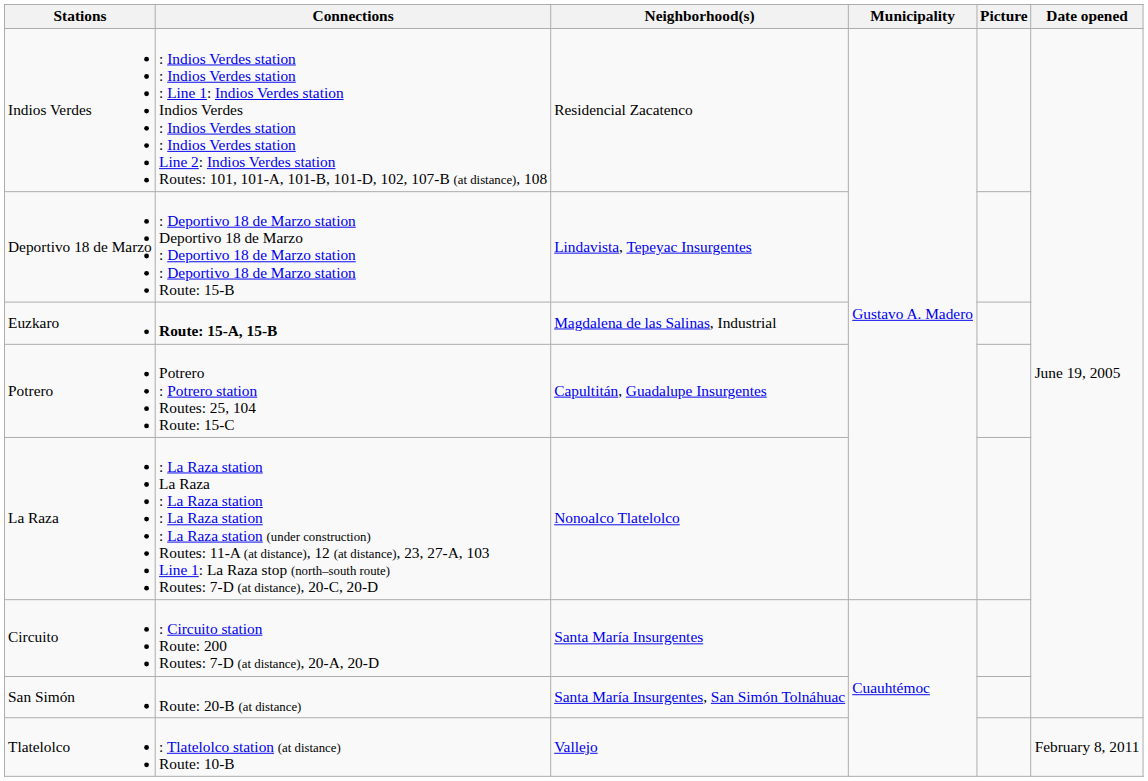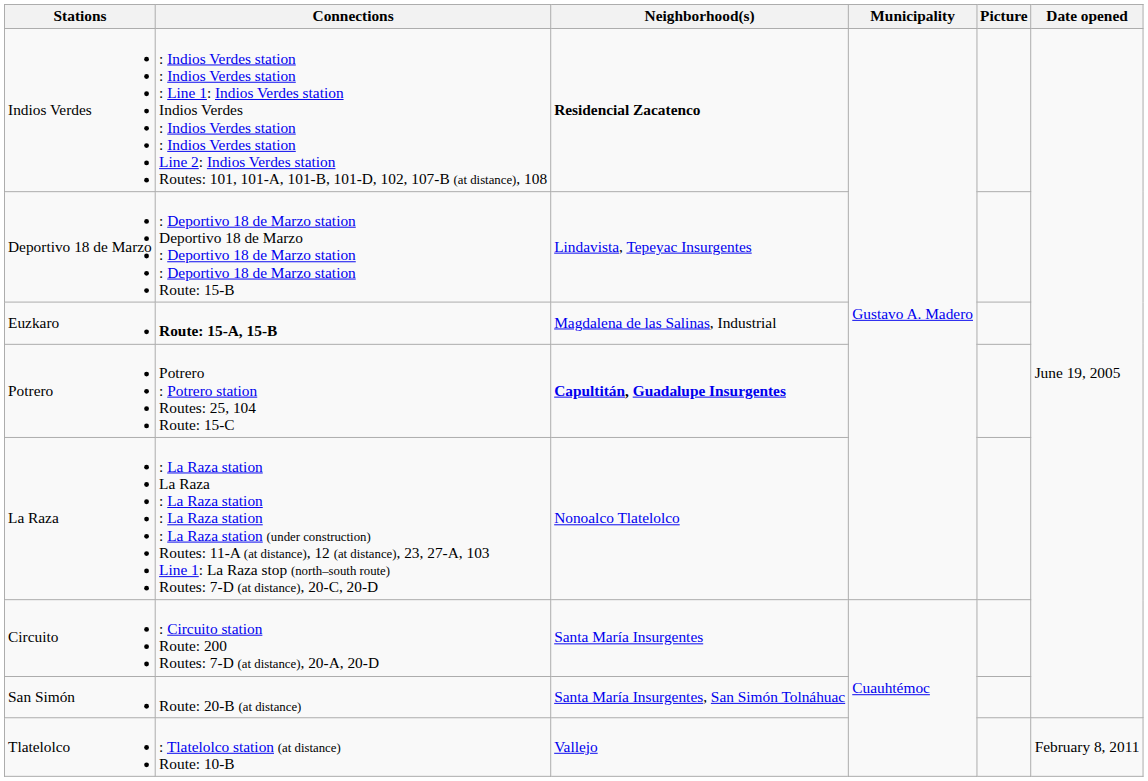 <table class="wikitable">
 <tr>
 <th width="150px">Stations</th>
 <th>Connections</th>
 <th>Neighborhood(s)</th>
 <th>Municipality</th>
 <th>Picture</th>
 <th>Date opened</th>
 </tr>
 <tr>
 <td> Indios Verdes</td>
 <td><br><li> : <a href='#'>Indios Verdes station</a></li> <li> : <a href='#'>Indios Verdes station</a></li> <li> : <a href='#'>Line 1</a>: <a href='#'>Indios Verdes station</a></li> <li> Indios Verdes</li> <li> : <a href='#'>Indios Verdes station</a></li> <li> : <a href='#'>Indios Verdes station</a></li> <li>  <a href='#'>Line 2</a>: <a href='#'>Indios Verdes station</a></li> <li> Routes: 101, 101-A, 101-B, 101-D, 102, 107-B <small>(at distance)</small>, 108</td>
-<td>Residencial Zacatenco</td>
+<td><strong>Residencial Zacatenco</strong></td>
 <td rowspan=5><a href='#'>Gustavo A. Madero</a></td>
 <td></td>
 <td rowspan=7>June 19, 2005</td>
 </tr>
 <tr>
 <td>Deportivo 18 de Marzo</td>
 <td><br><li> : <a href='#'>Deportivo 18 de Marzo station</a></li> <li> Deportivo 18 de Marzo</li> <li> : <a href='#'>Deportivo 18 de Marzo station</a></li> <li> : <a href='#'>Deportivo 18 de Marzo station</a></li> <li> Route: 15-B</td>
 <td><a href='#'>Lindavista</a>, <a href='#'>Tepeyac Insurgentes</a></td>
 <td></td>
 </tr>
 <tr>
 <td>Euzkaro</td>
 <td><strong><br><li> Route: 15-A, 15-B</strong></td>
 <td><a href='#'>Magdalena de las Salinas</a>, Industrial</td>
 <td></td>
 </tr>
 <tr>
 <td>Potrero</td>
 <td><br><li> Potrero</li> <li> : <a href='#'>Potrero station</a></li> <li> Routes: 25, 104</li> <li> Route: 15-C</td>
-<td><a href='#'>Capultitán</a>, <a href='#'>Guadalupe Insurgentes</a></td>
+<td><strong><a href='#'>Capultitán</a>, <a href='#'>Guadalupe Insurgentes</a></strong></td>
 <td></td>
 </tr>
 <tr>
 <td>La Raza</td>
 <td><br><li> : <a href='#'>La Raza station</a></li> <li> La Raza</li> <li> : <a href='#'>La Raza station</a></li> <li> : <a href='#'>La Raza station</a></li> <li> : <a href='#'>La Raza station</a> <small>(under construction)</small></li> <li> Routes: 11-A <small>(at distance)</small>, 12 <small>(at distance)</small>, 23, 27-A, 103</li> <li> <a href='#'>Line 1</a>: La Raza stop <small>(north–south route)</small></li> <li> Routes: 7-D <small>(at distance)</small>, 20-C, 20-D</td>
 <td><a href='#'>Nonoalco Tlatelolco</a></td>
 <td></td>
 </tr>
 <tr>
 <td>Circuito</td>
 <td><br><li> : <a href='#'>Circuito station</a></li> <li> Route: 200</li> <li> Routes: 7-D <small>(at distance)</small>, 20-A, 20-D</td>
 <td><a href='#'>Santa María Insurgentes</a></td>
 <td rowspan=16><a href='#'>Cuauhtémoc</a></td>
 <td></td>
 </tr>
 <tr>
 <td>San Simón</td>
 <td><br><li> Route: 20-B <small>(at distance)</small></td>
 <td><a href='#'>Santa María Insurgentes</a>, <a href='#'>San Simón Tolnáhuac</a></td>
 <td></td>
 </tr>
 <tr>
 <td> Tlatelolco</td>
 <td><br><li> : <a href='#'>Tlatelolco station</a> <small>(at distance)</small></li> <li> Route: 10-B</td>
 <td><a href='#'>Vallejo</a></td>
 <td></td>
 <td>February 8, 2011</td>
 </tr>
 </table>
